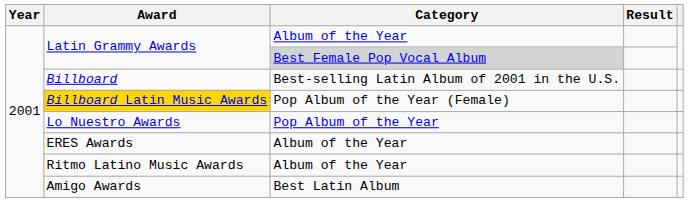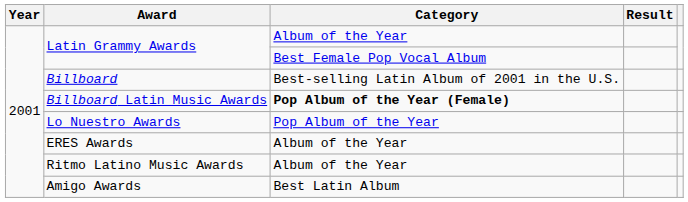 <table class="wikitable sortable plainrowheaders" style="margin-left: auto; margin-right: auto; border: none;">
 <tr>
 <th scope="col">Year</th>
 <th scope="col">Award</th>
 <th scope="col">Category</th>
 <th scope="col">Result</th>
 <th scope="col" class="unsortable"></th>
 </tr>
 <tr>
 <td rowspan="8" style="text-align:center;">2001</td>
 <td rowspan="2"><a href='#'>Latin Grammy Awards</a></td>
 <td><a href='#'>Album of the Year</a></td>
 <td></td>
 <td rowspan="2" style="text-align:center;"></td>
 </tr>
 <tr>
-<td style="background: lightgrey;"><a href='#'>Best Female Pop Vocal Album</a></td>
+<td><a href='#'>Best Female Pop Vocal Album</a></td>
 <td></td>
 </tr>
 <tr>
 <td><em><a href='#'>Billboard</a></em></td>
 <td>Best-selling Latin Album of 2001 in the U.S.</td>
 <td></td>
 <td style="text-align:center;"></td>
 </tr>
 <tr>
-<td style="background: gold;"><a href='#'><em>Billboard</em> Latin Music Awards</a></td>
-<td>Pop Album of the Year (Female)</td>
+<td><a href='#'><em>Billboard</em> Latin Music Awards</a></td>
+<td><strong>Pop Album of the Year (Female)</strong></td>
 <td></td>
 <td></td>
 </tr>
 <tr>
 <td><a href='#'>Lo Nuestro Awards</a></td>
 <td><a href='#'>Pop Album of the Year</a></td>
 <td></td>
 <td style="text-align:center;"></td>
 </tr>
 <tr>
 <td>ERES Awards</td>
 <td>Album of the Year</td>
 <td></td>
 <td style="text-align:center;"></td>
 </tr>
 <tr>
 <td>Ritmo Latino Music Awards</td>
 <td>Album of the Year</td>
 <td></td>
 <td style="text-align:center;"></td>
 </tr>
 <tr>
 <td>Amigo Awards</td>
 <td>Best Latin Album</td>
 <td></td>
 <td style="text-align:center;"></td>
 </tr>
 <tr>
 </tr>
 </table>
